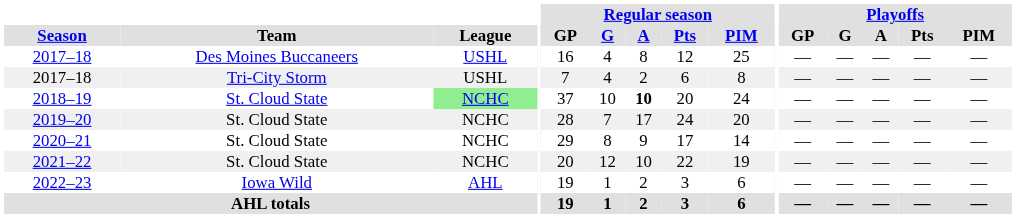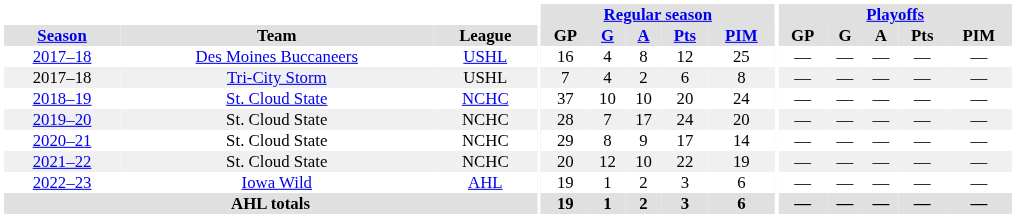 <table border="0" cellpadding="1" cellspacing="0" style="text-align:center; width:60em">
 <tr bgcolor="#e0e0e0">
 <th colspan="3" bgcolor="#ffffff"></th>
 <th rowspan="100" bgcolor="#ffffff"></th>
 <th colspan="5"><a href='#'>Regular season</a></th>
 <th rowspan="100" bgcolor="#ffffff"></th>
 <th colspan="5"><a href='#'>Playoffs</a></th>
 </tr>
 <tr bgcolor="#e0e0e0">
 <th><a href='#'>Season</a></th>
 <th>Team</th>
 <th>League</th>
 <th>GP</th>
 <th><a href='#'>G</a></th>
 <th><a href='#'>A</a></th>
 <th><a href='#'>Pts</a></th>
 <th><a href='#'>PIM</a></th>
 <th>GP</th>
 <th>G</th>
 <th>A</th>
 <th>Pts</th>
 <th>PIM</th>
 </tr>
 <tr>
 <td><a href='#'>2017–18</a></td>
 <td><a href='#'>Des Moines Buccaneers</a></td>
 <td><a href='#'>USHL</a></td>
 <td>16</td>
 <td>4</td>
 <td>8</td>
 <td>12</td>
 <td>25</td>
 <td>—</td>
 <td>—</td>
 <td>—</td>
 <td>—</td>
 <td>—</td>
 </tr>
 <tr bgcolor="f0f0f0">
 <td>2017–18</td>
 <td><a href='#'>Tri-City Storm</a></td>
 <td>USHL</td>
 <td>7</td>
 <td>4</td>
 <td>2</td>
 <td>6</td>
 <td>8</td>
 <td>—</td>
 <td>—</td>
 <td>—</td>
 <td>—</td>
 <td>—</td>
 </tr>
 <tr>
 <td><a href='#'>2018–19</a></td>
 <td><a href='#'>St. Cloud State</a></td>
-<td style="background: lightgreen;"><a href='#'>NCHC</a></td>
+<td><a href='#'>NCHC</a></td>
 <td>37</td>
 <td>10</td>
-<td><strong>10</strong></td>
+<td>10</td>
 <td>20</td>
 <td>24</td>
 <td>—</td>
 <td>—</td>
 <td>—</td>
 <td>—</td>
 <td>—</td>
 </tr>
 <tr bgcolor="f0f0f0">
 <td><a href='#'>2019–20</a></td>
 <td>St. Cloud State</td>
 <td>NCHC</td>
 <td>28</td>
 <td>7</td>
 <td>17</td>
 <td>24</td>
 <td>20</td>
 <td>—</td>
 <td>—</td>
 <td>—</td>
 <td>—</td>
 <td>—</td>
 </tr>
 <tr>
 <td><a href='#'>2020–21</a></td>
 <td>St. Cloud State</td>
 <td>NCHC</td>
 <td>29</td>
 <td>8</td>
 <td>9</td>
 <td>17</td>
 <td>14</td>
 <td>—</td>
 <td>—</td>
 <td>—</td>
 <td>—</td>
 <td>—</td>
 </tr>
 <tr bgcolor="f0f0f0">
 <td><a href='#'>2021–22</a></td>
 <td>St. Cloud State</td>
 <td>NCHC</td>
 <td>20</td>
 <td>12</td>
 <td>10</td>
 <td>22</td>
 <td>19</td>
 <td>—</td>
 <td>—</td>
 <td>—</td>
 <td>—</td>
 <td>—</td>
 </tr>
 <tr>
 <td><a href='#'>2022–23</a></td>
 <td><a href='#'>Iowa Wild</a></td>
 <td><a href='#'>AHL</a></td>
 <td>19</td>
 <td>1</td>
 <td>2</td>
 <td>3</td>
 <td>6</td>
 <td>—</td>
 <td>—</td>
 <td>—</td>
 <td>—</td>
 <td>—</td>
 </tr>
 <tr bgcolor="#e0e0e0">
 <th colspan="3">AHL totals</th>
 <th>19</th>
 <th>1</th>
 <th>2</th>
 <th>3</th>
 <th>6</th>
 <th>—</th>
 <th>—</th>
 <th>—</th>
 <th>—</th>
 <th>—</th>
 </tr>
 </table>
